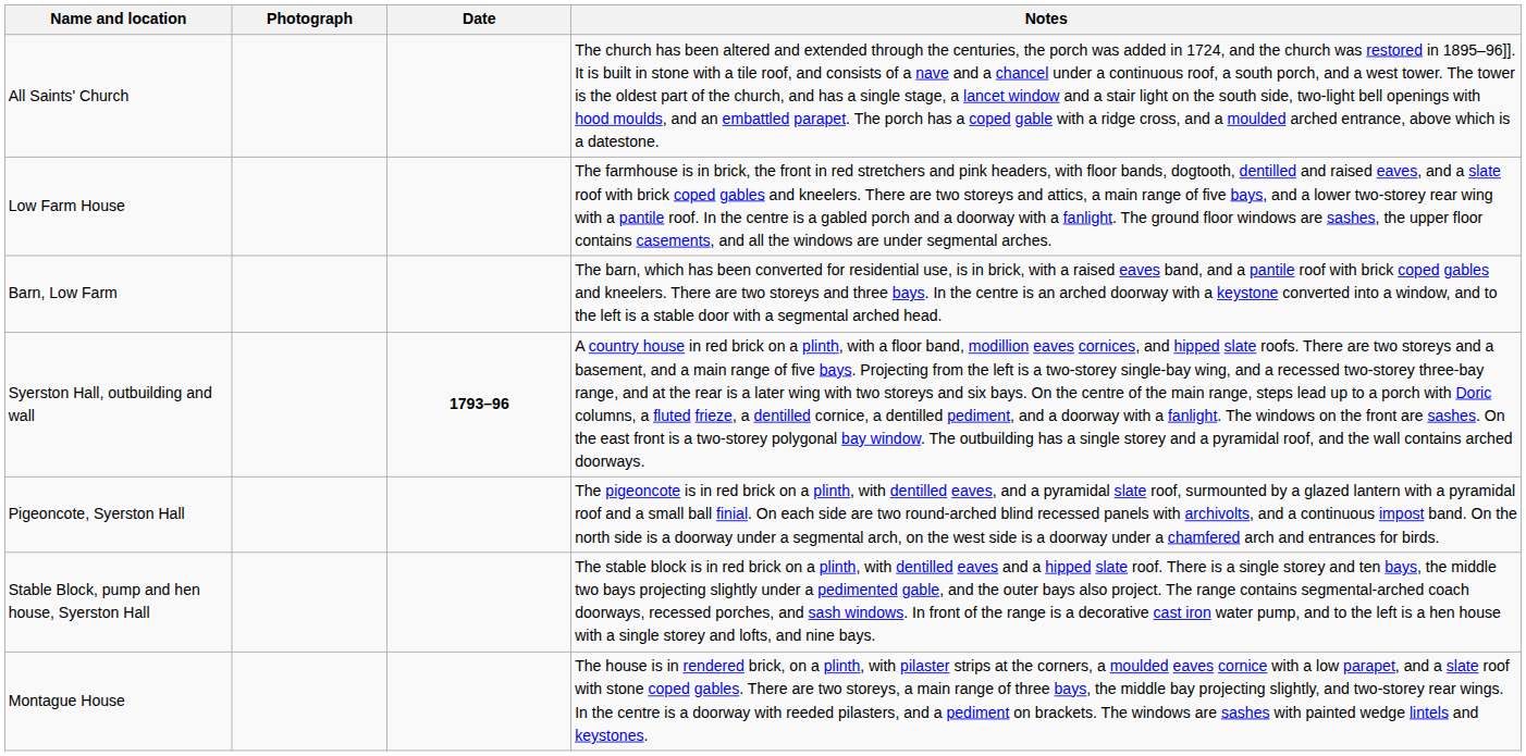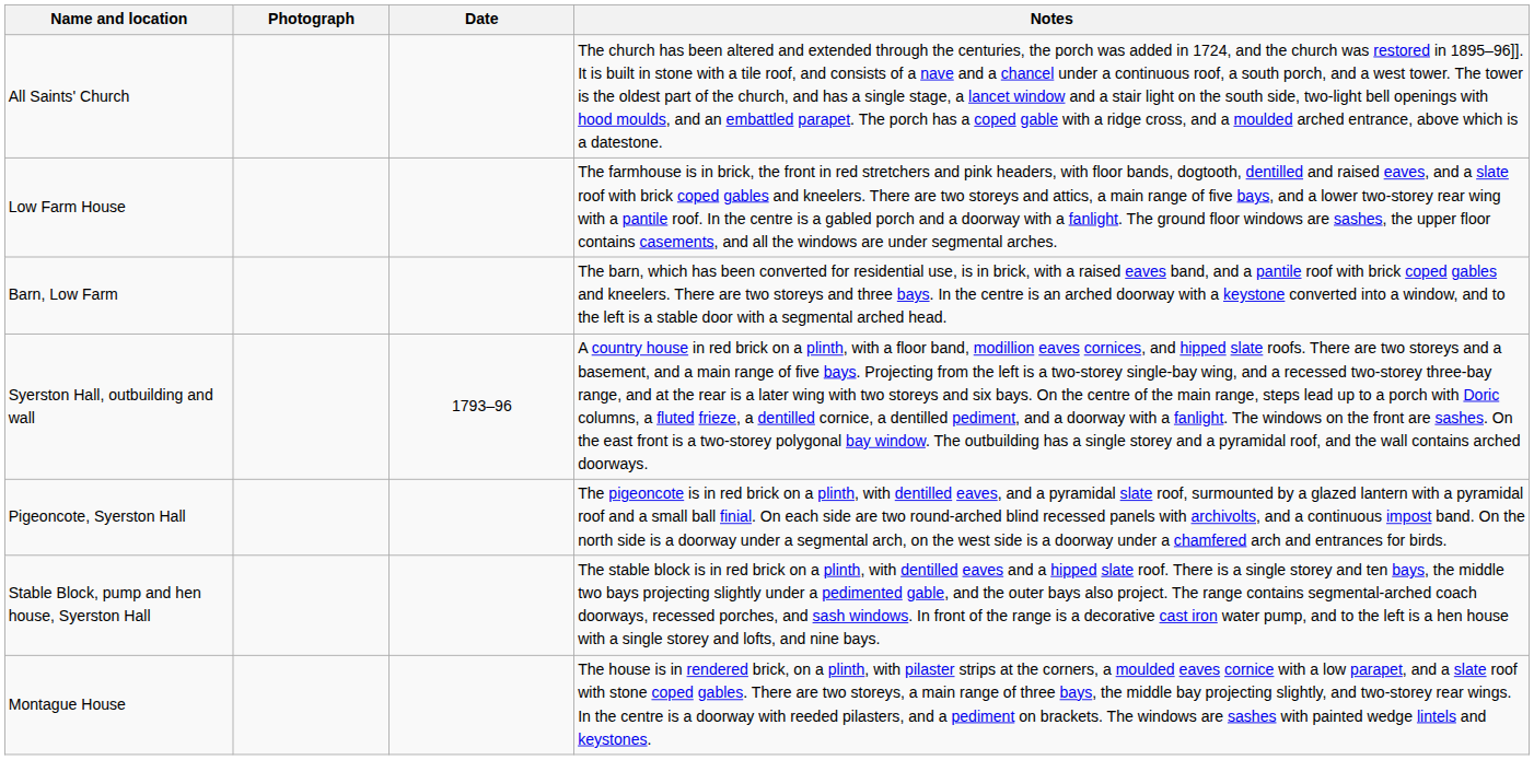 <table class="wikitable sortable plainrowheaders" style="width:100%; border:0px; text-align:left; line-height:150%">
 <tr>
 <th scope="col"  style="width:150px">Name and location</th>
 <th scope="col"  style="width:100px" class="unsortable">Photograph</th>
 <th scope="col"  style="width:120px">Date</th>
 <th scope="col"  style="width:650px" class="unsortable">Notes</th>
 </tr>
 <tr>
 <td>All Saints' Church<br><small></small></td>
 <td></td>
 <td align="center"></td>
 <td>The church has been altered and extended through the centuries, the porch was added in 1724, and the church was <a href='#'>restored</a> in 1895–96]].  It is built in stone with a tile roof, and consists of a <a href='#'>nave</a> and a <a href='#'>chancel</a> under a continuous roof, a south porch, and a west tower.  The tower is the oldest part of the church, and has a single stage, a <a href='#'>lancet window</a> and a stair light on the south side, two-light bell openings with <a href='#'>hood moulds</a>, and an <a href='#'>embattled</a> <a href='#'>parapet</a>.  The porch has a <a href='#'>coped</a> <a href='#'>gable</a> with a ridge cross, and a <a href='#'>moulded</a> arched entrance, above which is a datestone.</td>
 </tr>
 <tr>
 <td>Low Farm House<br><small></small></td>
 <td></td>
 <td align="center"></td>
 <td>The farmhouse is in brick, the front in red stretchers and pink headers, with floor bands, dogtooth, <a href='#'>dentilled</a> and raised <a href='#'>eaves</a>, and a <a href='#'>slate</a> roof with brick <a href='#'>coped</a> <a href='#'>gables</a> and kneelers.  There are two storeys and attics, a main range of five <a href='#'>bays</a>, and a lower two-storey rear wing with a <a href='#'>pantile</a> roof.  In the centre is a gabled porch and a doorway with a <a href='#'>fanlight</a>.  The ground floor windows are <a href='#'>sashes</a>, the upper floor contains <a href='#'>casements</a>, and all the windows are under segmental arches.</td>
 </tr>
 <tr>
 <td>Barn, Low Farm<br><small></small></td>
 <td></td>
 <td align="center"></td>
 <td>The barn, which has been converted for residential use, is in brick, with a raised <a href='#'>eaves</a> band, and a <a href='#'>pantile</a> roof with brick <a href='#'>coped</a> <a href='#'>gables</a> and kneelers.  There are two storeys and three <a href='#'>bays</a>.  In the centre is an arched doorway with a <a href='#'>keystone</a> converted into a window, and to the left is a stable door with a segmental arched head.</td>
 </tr>
 <tr>
 <td>Syerston Hall, outbuilding and wall<br><small></small></td>
 <td></td>
-<td align="center"><strong>1793–96</strong></td>
+<td align="center">1793–96</td>
 <td>A <a href='#'>country house</a> in red brick on a <a href='#'>plinth</a>, with a floor band, <a href='#'>modillion</a> <a href='#'>eaves</a> <a href='#'>cornices</a>, and <a href='#'>hipped</a> <a href='#'>slate</a> roofs.  There are two storeys and a basement, and a main range of five <a href='#'>bays</a>. Projecting from the left is a two-storey single-bay wing, and a recessed two-storey three-bay range, and at the rear is a later wing with two storeys and six bays.  On the centre of the main range, steps lead up to a porch with <a href='#'>Doric</a> columns, a <a href='#'>fluted</a> <a href='#'>frieze</a>, a <a href='#'>dentilled</a> cornice, a dentilled <a href='#'>pediment</a>, and a doorway with a <a href='#'>fanlight</a>.  The windows on the front are <a href='#'>sashes</a>. On the east front is a two-storey polygonal <a href='#'>bay window</a>.  The outbuilding has a single storey and a pyramidal roof, and the wall contains arched doorways.</td>
 </tr>
 <tr>
 <td>Pigeoncote, Syerston Hall<br><small></small></td>
 <td></td>
 <td align="center"></td>
 <td>The <a href='#'>pigeoncote</a> is in red brick on a <a href='#'>plinth</a>, with <a href='#'>dentilled</a> <a href='#'>eaves</a>, and a pyramidal <a href='#'>slate</a> roof, surmounted by a glazed lantern with a pyramidal roof and a small ball <a href='#'>finial</a>.  On each side are two round-arched blind recessed panels with <a href='#'>archivolts</a>, and a continuous <a href='#'>impost</a> band.  On the north side is a doorway under a segmental arch, on the west side is a doorway under a <a href='#'>chamfered</a> arch and entrances for birds.</td>
 </tr>
 <tr>
 <td>Stable Block, pump and hen house, Syerston Hall<br><small></small></td>
 <td></td>
 <td align="center"></td>
 <td>The stable block is in red brick on a <a href='#'>plinth</a>, with <a href='#'>dentilled</a> <a href='#'>eaves</a> and a <a href='#'>hipped</a> <a href='#'>slate</a> roof.  There is a single storey and ten <a href='#'>bays</a>, the middle two bays projecting slightly under a <a href='#'>pedimented</a> <a href='#'>gable</a>, and the outer bays also project.  The range contains segmental-arched coach doorways, recessed porches, and <a href='#'>sash windows</a>.  In front of the range is a decorative <a href='#'>cast iron</a> water pump, and to the left is a hen house with a single storey and lofts, and nine bays.</td>
 </tr>
 <tr>
 <td>Montague House<br><small></small></td>
 <td></td>
 <td align="center"></td>
 <td>The house is in <a href='#'>rendered</a> brick, on a <a href='#'>plinth</a>, with <a href='#'>pilaster</a> strips at the corners, a <a href='#'>moulded</a> <a href='#'>eaves</a> <a href='#'>cornice</a> with a low <a href='#'>parapet</a>, and a <a href='#'>slate</a> roof with stone <a href='#'>coped</a> <a href='#'>gables</a>.  There are two storeys, a main range of three <a href='#'>bays</a>, the middle bay projecting slightly, and two-storey rear wings.  In the centre is a doorway with reeded pilasters, and a <a href='#'>pediment</a> on brackets.  The windows are <a href='#'>sashes</a> with painted wedge <a href='#'>lintels</a> and <a href='#'>keystones</a>.</td>
 </tr>
 <tr>
 </tr>
 </table>
